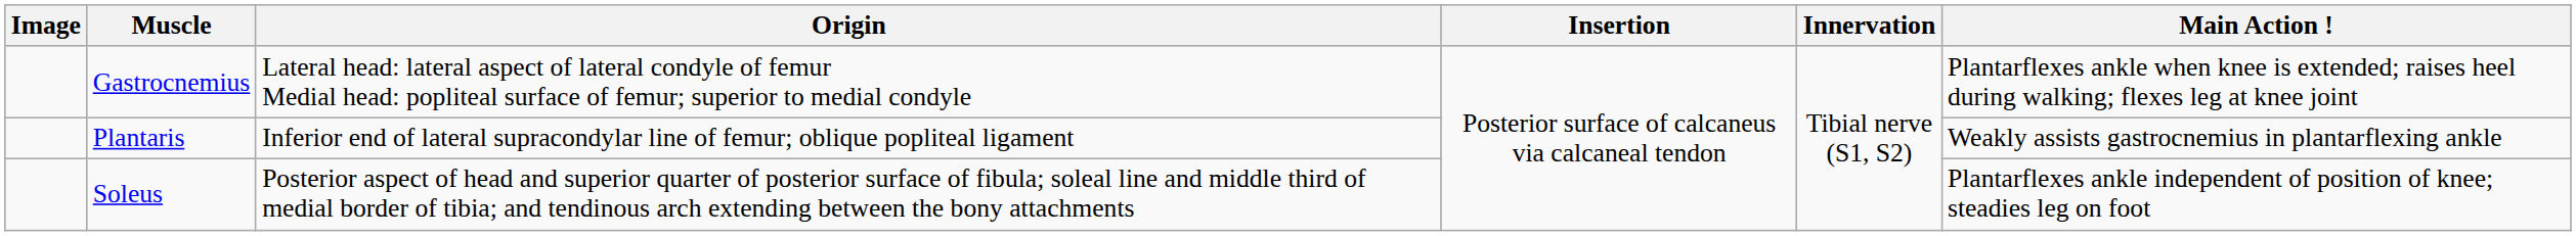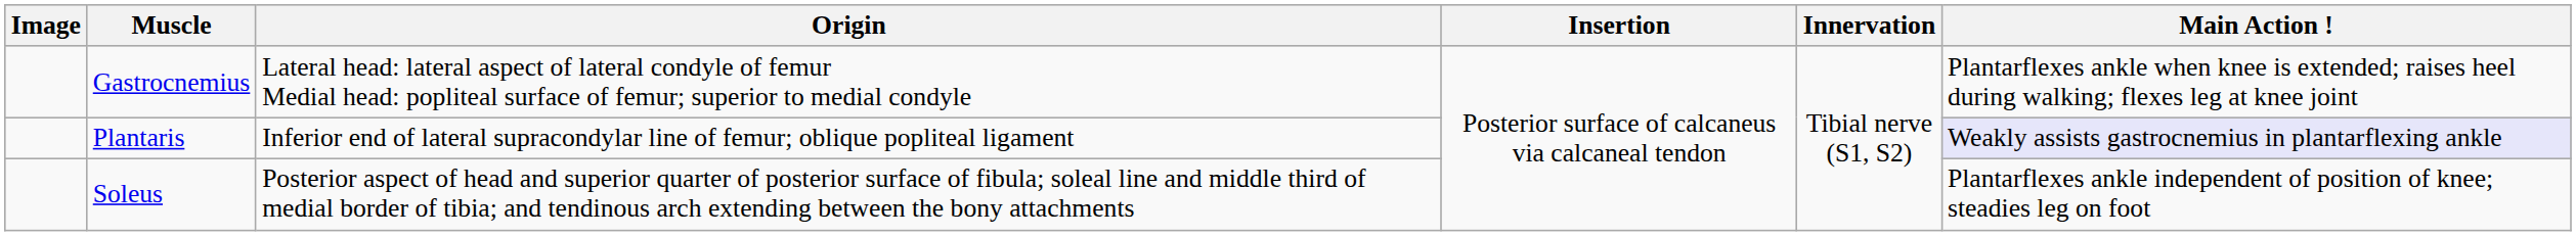 <table class="wikitable">
 <tr>
 <th>Image</th>
 <th>Muscle</th>
 <th>Origin</th>
 <th>Insertion</th>
 <th>Innervation</th>
 <th>Main Action !</th>
 </tr>
 <tr>
 <td></td>
 <td><a href='#'>Gastrocnemius</a></td>
 <td>Lateral head:  lateral aspect of lateral condyle of femur <br> Medial head:  popliteal surface of femur;  superior to medial condyle</td>
 <td rowspan=3 colspan=1 style="text-align: center;">Posterior surface of calcaneus via calcaneal tendon</td>
 <td rowspan=3 colspan=1 style="text-align: center;">Tibial nerve <br> (S1, S2)</td>
 <td>Plantarflexes ankle when knee is extended;  raises heel during walking;  flexes leg at knee joint</td>
 </tr>
 <tr>
 <td></td>
 <td><a href='#'>Plantaris</a></td>
 <td>Inferior end of lateral supracondylar line of femur;  oblique popliteal ligament</td>
-<td>Weakly assists gastrocnemius in plantarflexing ankle</td>
+<td style="background: lavender;">Weakly assists gastrocnemius in plantarflexing ankle</td>
 </tr>
 <tr>
 <td></td>
 <td><a href='#'>Soleus</a></td>
 <td>Posterior aspect of head and superior quarter of posterior surface of fibula;  soleal line and middle third of medial border of tibia;  and tendinous arch extending between the bony attachments</td>
 <td>Plantarflexes ankle independent of position of knee;  steadies leg on foot</td>
 </tr>
 </table>
